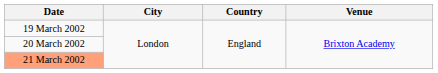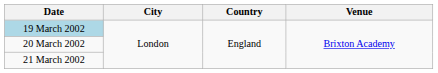 <table class="wikitable" style="text-align:center;">
 <tr>
 <th style="width:150px;">Date</th>
 <th style="width:150px;">City</th>
 <th style="width:125px;">Country</th>
 <th style="width:225px;">Venue</th>
 </tr>
 <tr>
-<td>19 March 2002</td>
+<td style="background: lightblue;">19 March 2002</td>
 <td rowspan="3">London</td>
 <td rowspan="3">England</td>
 <td rowspan="3"><a href='#'>Brixton Academy</a></td>
 </tr>
 <tr>
 <td>20 March 2002</td>
 </tr>
 <tr>
-<td style="background: lightsalmon;">21 March 2002</td>
+<td>21 March 2002</td>
 </tr>
 </table>
